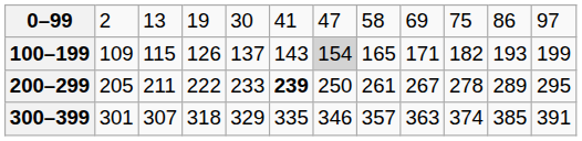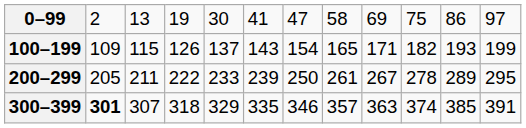 <table class="wikitable">
 <tr>
 <th>0–99</th>
 <td>2</td>
 <td>13</td>
 <td>19</td>
 <td>30</td>
 <td>41</td>
 <td>47</td>
 <td>58</td>
 <td>69</td>
 <td>75</td>
 <td>86</td>
 <td>97</td>
 </tr>
 <tr>
 <th>100–199</th>
 <td>109</td>
 <td>115</td>
 <td>126</td>
 <td>137</td>
 <td>143</td>
-<td style="background: lightgrey;">154</td>
+<td>154</td>
 <td>165</td>
 <td>171</td>
 <td>182</td>
 <td>193</td>
 <td>199</td>
 </tr>
 <tr>
 <th>200–299</th>
 <td>205</td>
 <td>211</td>
 <td>222</td>
 <td>233</td>
-<td><strong>239</strong></td>
+<td>239</td>
 <td>250</td>
 <td>261</td>
 <td>267</td>
 <td>278</td>
 <td>289</td>
 <td>295</td>
 </tr>
 <tr>
 <th>300–399</th>
-<td>301</td>
+<td><strong>301</strong></td>
 <td>307</td>
 <td>318</td>
 <td>329</td>
 <td>335</td>
 <td>346</td>
 <td>357</td>
 <td>363</td>
 <td>374</td>
 <td>385</td>
 <td>391</td>
 </tr>
 </table>
